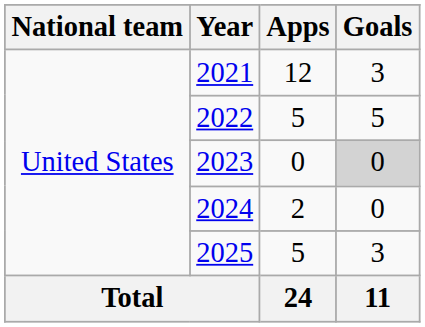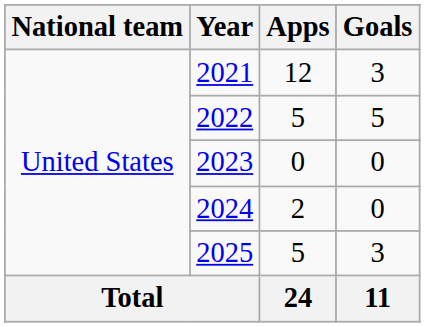 <table class="wikitable" style="text-align:center">
 <tr>
 <th>National team</th>
 <th>Year</th>
 <th>Apps</th>
 <th>Goals</th>
 </tr>
 <tr>
 <td rowspan=5><a href='#'>United States</a></td>
 <td><a href='#'>2021</a></td>
 <td>12</td>
 <td>3</td>
 </tr>
 <tr>
 <td><a href='#'>2022</a></td>
 <td>5</td>
 <td>5</td>
 </tr>
 <tr>
 <td><a href='#'>2023</a></td>
 <td>0</td>
-<td style="background: lightgrey;">0</td>
+<td>0</td>
 </tr>
 <tr>
 <td><a href='#'>2024</a></td>
 <td>2</td>
 <td>0</td>
 </tr>
 <tr>
 <td><a href='#'>2025</a></td>
 <td>5</td>
 <td>3</td>
 </tr>
 <tr>
 <th colspan=2>Total</th>
 <th>24</th>
 <th>11</th>
 </tr>
 </table>
